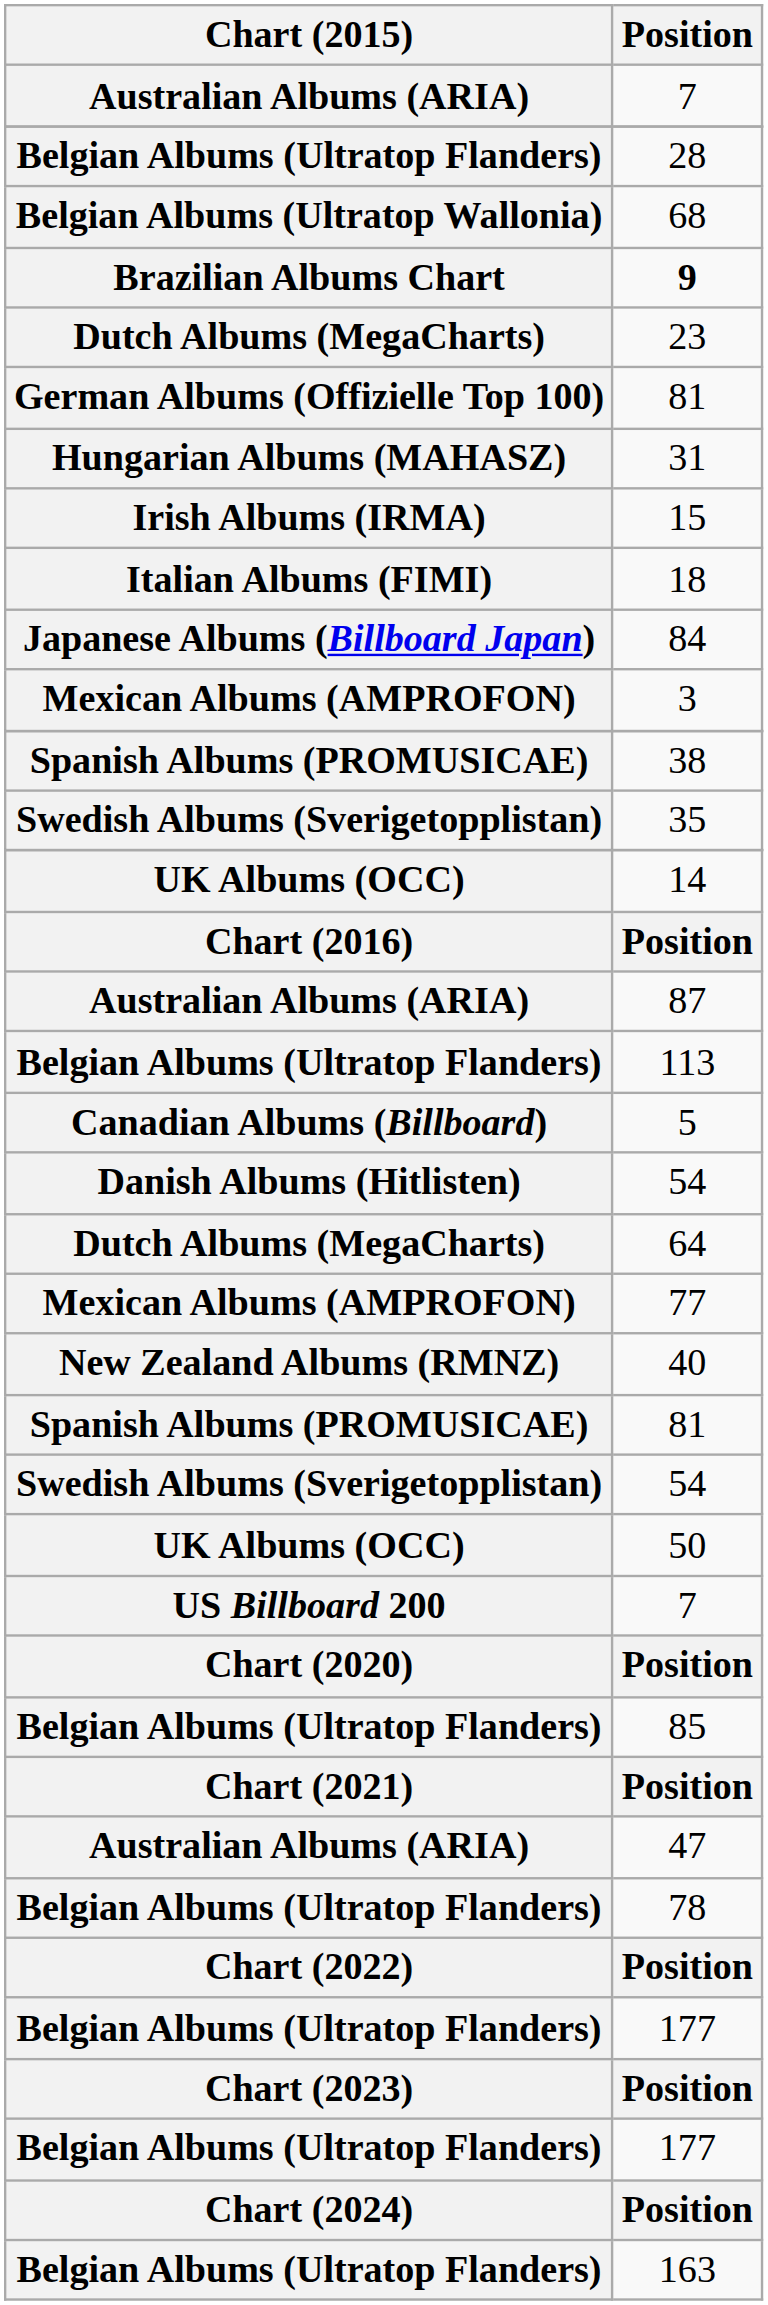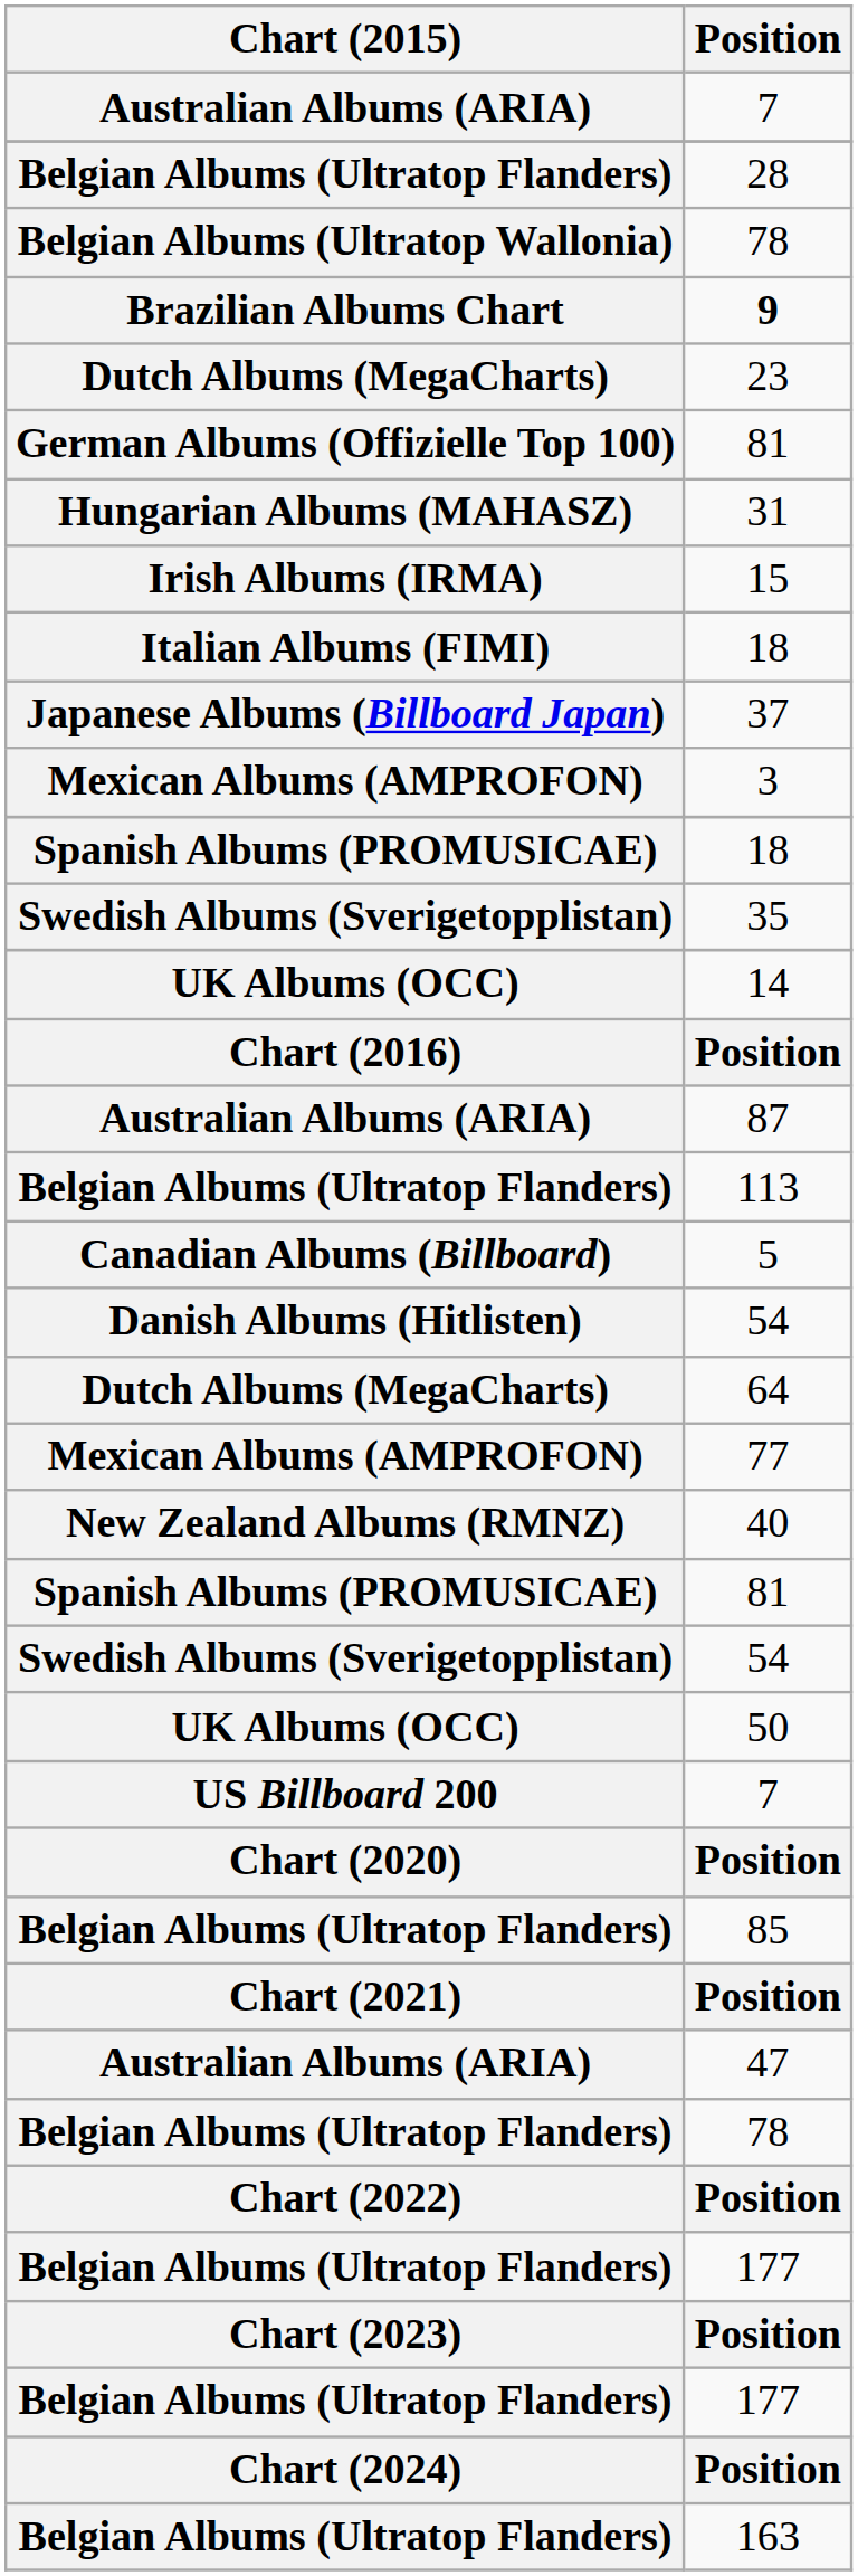 <table class="wikitable sortable plainrowheaders" style="text-align:center">
 <tr>
 <th scope="col">Chart (2015)</th>
 <th scope="col">Position</th>
 </tr>
 <tr>
 <th scope="row">Australian Albums (ARIA)</th>
 <td>7</td>
 </tr>
 <tr>
 </tr>
 <tr>
 <th scope="row">Belgian Albums (Ultratop Flanders)</th>
 <td>28</td>
 </tr>
 <tr>
 <th scope="row">Belgian Albums (Ultratop Wallonia)</th>
-<td>68</td>
+<td>78</td>
 </tr>
 <tr>
 <th scope="row">Brazilian Albums Chart</th>
 <td><strong>9</strong></td>
 </tr>
 <tr>
 <th scope="row">Dutch Albums (MegaCharts)</th>
 <td>23</td>
 </tr>
 <tr>
 <th scope="row">German Albums (Offizielle Top 100)</th>
 <td>81</td>
 </tr>
 <tr>
 <th scope="row">Hungarian Albums (MAHASZ)</th>
 <td>31</td>
 </tr>
 <tr>
 <th scope="row">Irish Albums (IRMA)</th>
 <td>15</td>
 </tr>
 <tr>
 <th scope="row">Italian Albums (FIMI)</th>
 <td>18</td>
 </tr>
 <tr>
 <th scope="row">Japanese Albums (<em><a href='#'>Billboard Japan</a></em>)</th>
-<td>84</td>
+<td>37</td>
 </tr>
 <tr>
 <th scope="row">Mexican Albums (AMPROFON)</th>
 <td align="center">3</td>
 </tr>
 <tr>
 </tr>
 <tr>
 <th scope="row">Spanish Albums (PROMUSICAE)</th>
-<td>38</td>
+<td>18</td>
 </tr>
 <tr>
 <th scope="row">Swedish Albums (Sverigetopplistan)</th>
 <td>35</td>
 </tr>
 <tr>
 </tr>
 <tr>
 <th scope="row">UK Albums (OCC)</th>
 <td>14</td>
 </tr>
 <tr>
 <th scope="col">Chart (2016)</th>
 <th scope="col">Position</th>
 </tr>
 <tr>
 <th scope="row">Australian Albums (ARIA)</th>
 <td>87</td>
 </tr>
 <tr>
 <th scope="row">Belgian Albums (Ultratop Flanders)</th>
 <td>113</td>
 </tr>
 <tr>
 <th scope="row">Canadian Albums (<em>Billboard</em>)</th>
 <td>5</td>
 </tr>
 <tr>
 <th scope="row">Danish Albums (Hitlisten)</th>
 <td>54</td>
 </tr>
 <tr>
 <th scope="row">Dutch Albums (MegaCharts)</th>
 <td>64</td>
 </tr>
 <tr>
 <th scope="row">Mexican Albums (AMPROFON)</th>
 <td>77</td>
 </tr>
 <tr>
 <th scope="row">New Zealand Albums (RMNZ)</th>
 <td>40</td>
 </tr>
 <tr>
 <th scope="row">Spanish Albums (PROMUSICAE)</th>
 <td>81</td>
 </tr>
 <tr>
 <th scope="row">Swedish Albums (Sverigetopplistan)</th>
 <td>54</td>
 </tr>
 <tr>
 <th scope="row">UK Albums (OCC)</th>
 <td>50</td>
 </tr>
 <tr>
 <th scope="row">US <em>Billboard</em> 200</th>
 <td>7</td>
 </tr>
 <tr>
 <th scope="col">Chart (2020)</th>
 <th scope="col">Position</th>
 </tr>
 <tr>
 <th scope="row">Belgian Albums (Ultratop Flanders)</th>
 <td>85</td>
 </tr>
 <tr>
 <th scope="col">Chart (2021)</th>
 <th scope="col">Position</th>
 </tr>
 <tr>
 <th scope="row">Australian Albums (ARIA)</th>
 <td>47</td>
 </tr>
 <tr>
 <th scope="row">Belgian Albums (Ultratop Flanders)</th>
 <td>78</td>
 </tr>
 <tr>
 <th scope="col">Chart (2022)</th>
 <th scope="col">Position</th>
 </tr>
 <tr>
 <th scope="row">Belgian Albums (Ultratop Flanders)</th>
 <td>177</td>
 </tr>
 <tr>
 <th scope="col">Chart (2023)</th>
 <th scope="col">Position</th>
 </tr>
 <tr>
 <th scope="row">Belgian Albums (Ultratop Flanders)</th>
 <td>177</td>
 </tr>
 <tr>
 <th scope="col">Chart (2024)</th>
 <th scope="col">Position</th>
 </tr>
 <tr>
 <th scope="row">Belgian Albums (Ultratop Flanders)</th>
 <td>163</td>
 </tr>
 </table>
